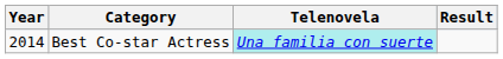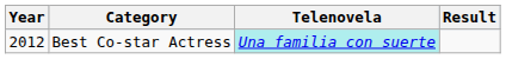 <table class="wikitable">
 <tr style="background:#b0c4de;">
 <th>Year</th>
 <th>Category</th>
 <th>Telenovela</th>
 <th>Result</th>
 </tr>
 <tr>
-<td>2014</td>
+<td>2012</td>
 <td>Best Co-star Actress</td>
 <td style="background: paleturquoise;"><em><a href='#'>Una familia con suerte</a></em></td>
 <td></td>
 </tr>
 </table>
